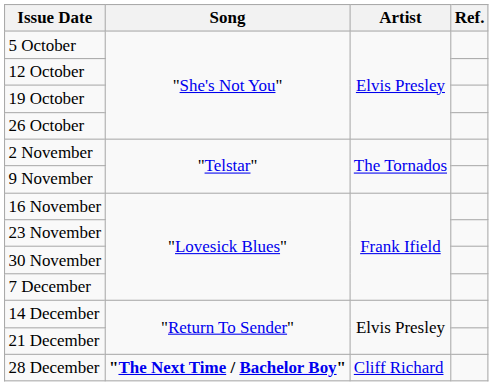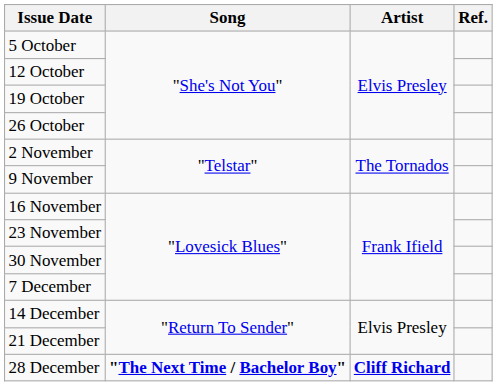 <table class="wikitable">
 <tr>
 <th>Issue Date</th>
 <th>Song</th>
 <th>Artist</th>
 <th>Ref.</th>
 </tr>
 <tr>
 <td>5 October</td>
 <td rowspan=4 align=center>"<a href='#'>She's Not You</a>"</td>
 <td rowspan=4 align=center><a href='#'>Elvis Presley</a></td>
 <td></td>
 </tr>
 <tr>
 <td>12 October</td>
 <td></td>
 </tr>
 <tr>
 <td>19 October</td>
 <td></td>
 </tr>
 <tr>
 <td>26 October</td>
 <td></td>
 </tr>
 <tr>
 <td>2 November</td>
 <td rowspan=2 align=center>"<a href='#'>Telstar</a>"</td>
 <td rowspan=2 align=center><a href='#'>The Tornados</a></td>
 <td></td>
 </tr>
 <tr>
 <td>9 November</td>
 <td></td>
 </tr>
 <tr>
 <td>16 November</td>
 <td rowspan=4 align=center>"<a href='#'>Lovesick Blues</a>"</td>
 <td rowspan=4 align=center><a href='#'>Frank Ifield</a></td>
 <td></td>
 </tr>
 <tr>
 <td>23 November</td>
 <td></td>
 </tr>
 <tr>
 <td>30 November</td>
 <td></td>
 </tr>
 <tr>
 <td>7 December</td>
 <td></td>
 </tr>
 <tr>
 <td>14 December</td>
 <td rowspan="2" align="center">"<a href='#'>Return To Sender</a>"</td>
 <td rowspan="2" align="center">Elvis Presley</td>
 <td></td>
 </tr>
 <tr>
 <td>21 December</td>
 <td></td>
 </tr>
 <tr>
 <td>28 December</td>
 <td><strong>"<a href='#'>The Next Time</a> / <a href='#'>Bachelor Boy</a>"</strong></td>
-<td><a href='#'>Cliff Richard</a></td>
+<td><strong><a href='#'>Cliff Richard</a></strong></td>
 <td></td>
 </tr>
 </table>
